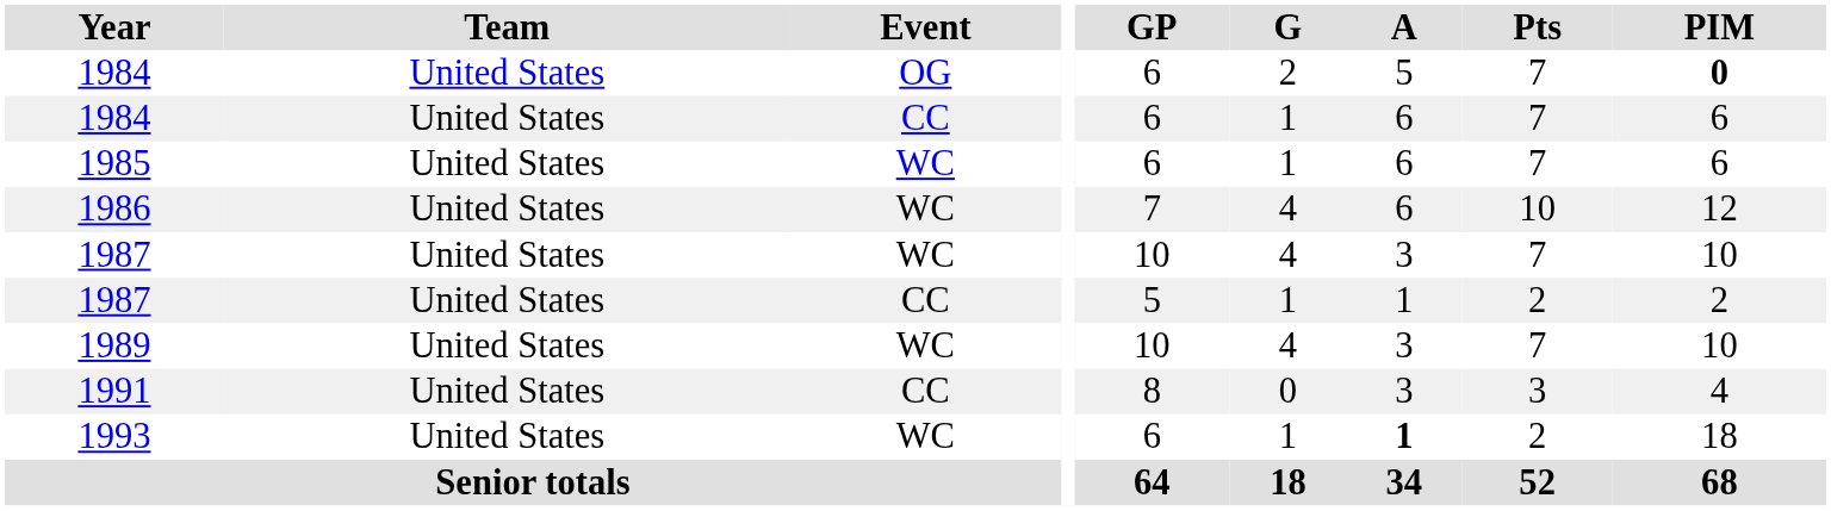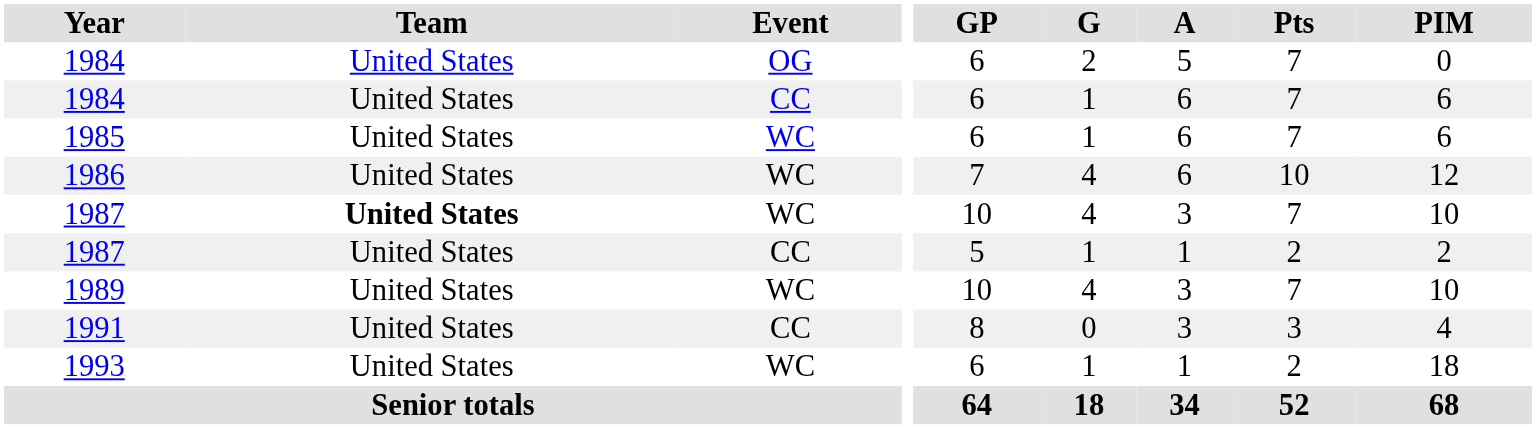 <table border="0" cellpadding="1" cellspacing="0" style="text-align:center; width:50em">
 <tr ALIGN="center" bgcolor="#e0e0e0">
 <th>Year</th>
 <th>Team</th>
 <th>Event</th>
 <th ALIGN="center" rowspan="99" bgcolor="#ffffff"></th>
 <th>GP</th>
 <th>G</th>
 <th>A</th>
 <th>Pts</th>
 <th>PIM</th>
 </tr>
 <tr>
 <td><a href='#'>1984</a></td>
 <td><a href='#'>United States</a></td>
 <td><a href='#'>OG</a></td>
 <td>6</td>
 <td>2</td>
 <td>5</td>
 <td>7</td>
-<td><strong>0</strong></td>
+<td>0</td>
 </tr>
 <tr bgcolor="#f0f0f0">
 <td><a href='#'>1984</a></td>
 <td>United States</td>
 <td><a href='#'>CC</a></td>
 <td>6</td>
 <td>1</td>
 <td>6</td>
 <td>7</td>
 <td>6</td>
 </tr>
 <tr>
 <td><a href='#'>1985</a></td>
 <td>United States</td>
 <td><a href='#'>WC</a></td>
 <td>6</td>
 <td>1</td>
 <td>6</td>
 <td>7</td>
 <td>6</td>
 </tr>
 <tr bgcolor="#f0f0f0">
 <td><a href='#'>1986</a></td>
 <td>United States</td>
 <td>WC</td>
 <td>7</td>
 <td>4</td>
 <td>6</td>
 <td>10</td>
 <td>12</td>
 </tr>
 <tr>
 <td><a href='#'>1987</a></td>
-<td>United States</td>
+<td><strong>United States</strong></td>
 <td>WC</td>
 <td>10</td>
 <td>4</td>
 <td>3</td>
 <td>7</td>
 <td>10</td>
 </tr>
 <tr bgcolor="#f0f0f0">
 <td><a href='#'>1987</a></td>
 <td>United States</td>
 <td>CC</td>
 <td>5</td>
 <td>1</td>
 <td>1</td>
 <td>2</td>
 <td>2</td>
 </tr>
 <tr>
 <td><a href='#'>1989</a></td>
 <td>United States</td>
 <td>WC</td>
 <td>10</td>
 <td>4</td>
 <td>3</td>
 <td>7</td>
 <td>10</td>
 </tr>
 <tr bgcolor="#f0f0f0">
 <td><a href='#'>1991</a></td>
 <td>United States</td>
 <td>CC</td>
 <td>8</td>
 <td>0</td>
 <td>3</td>
 <td>3</td>
 <td>4</td>
 </tr>
 <tr>
 <td><a href='#'>1993</a></td>
 <td>United States</td>
 <td>WC</td>
 <td>6</td>
 <td>1</td>
-<td><strong>1</strong></td>
+<td>1</td>
 <td>2</td>
 <td>18</td>
 </tr>
 <tr bgcolor="#e0e0e0">
 <th colspan=3>Senior totals</th>
 <th>64</th>
 <th>18</th>
 <th>34</th>
 <th>52</th>
 <th>68</th>
 </tr>
 </table>
